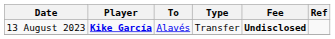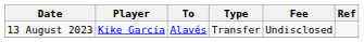 <table class="wikitable">
 <tr>
 <th>Date</th>
 <th>Player</th>
 <th>To</th>
 <th>Type</th>
 <th>Fee</th>
 <th>Ref</th>
 </tr>
 <tr>
 <td>13 August 2023</td>
-<td><strong> <a href='#'>Kike García</a></strong></td>
+<td> <a href='#'>Kike García</a></td>
 <td><a href='#'>Alavés</a></td>
 <td>Transfer</td>
-<td><strong>Undisclosed</strong></td>
+<td>Undisclosed</td>
 <td></td>
 </tr>
 <tr>
 </tr>
 </table>
